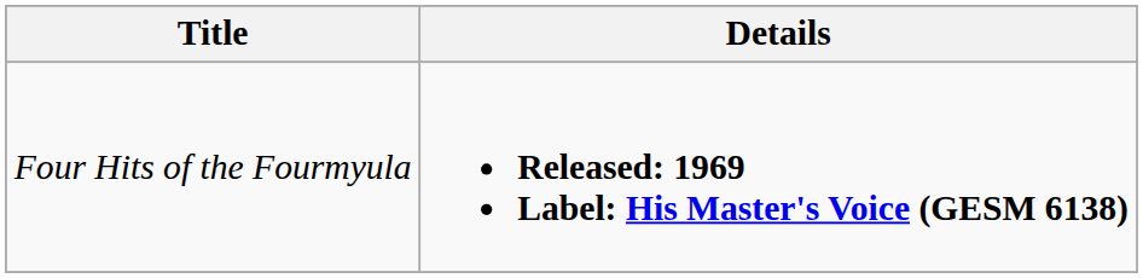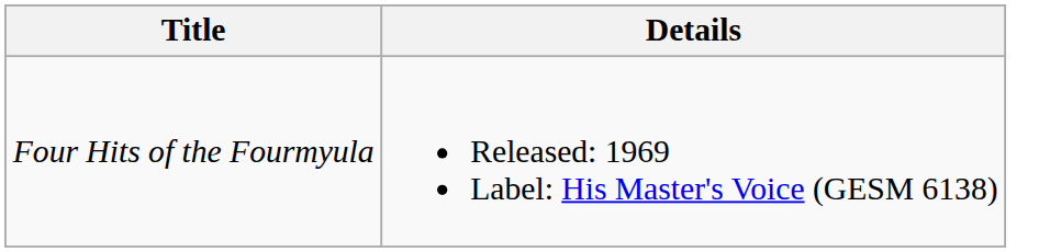 <table class="wikitable">
 <tr>
 <th align="center" valign="top">Title</th>
 <th align="center" valign="top">Details</th>
 </tr>
 <tr>
 <td><em>Four Hits of the Fourmyula</em></td>
-<td><strong><br><ul><li>Released: 1969</li><li>Label: <a href='#'>His Master's Voice</a> (GESM 6138)</li></ul></strong></td>
+<td><br><ul><li>Released: 1969</li><li>Label: <a href='#'>His Master's Voice</a> (GESM 6138)</li></ul></td>
 </tr>
 </table>
